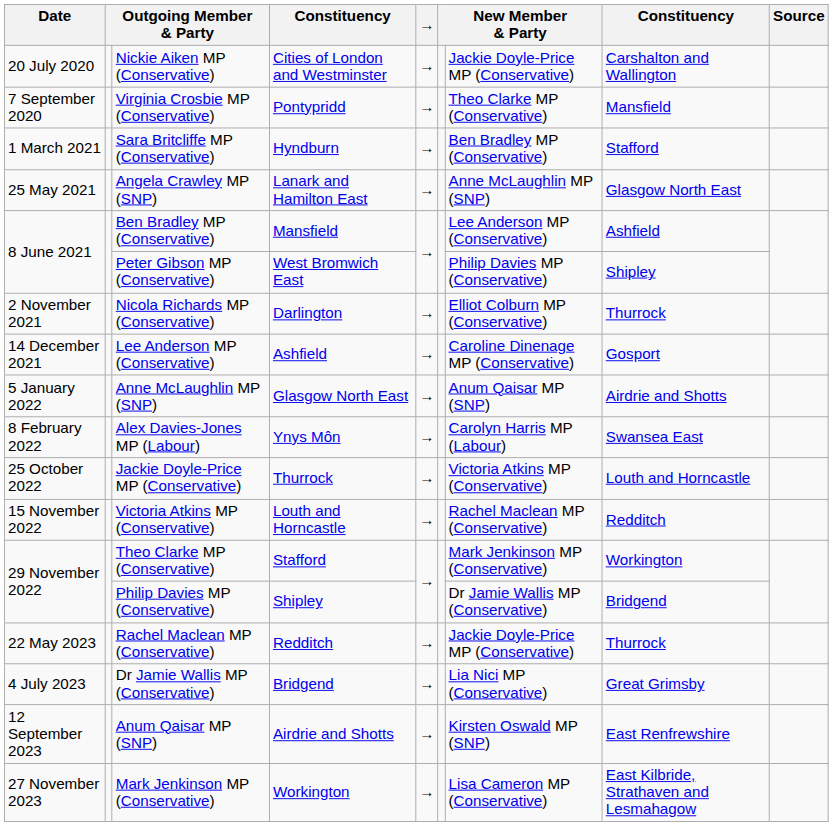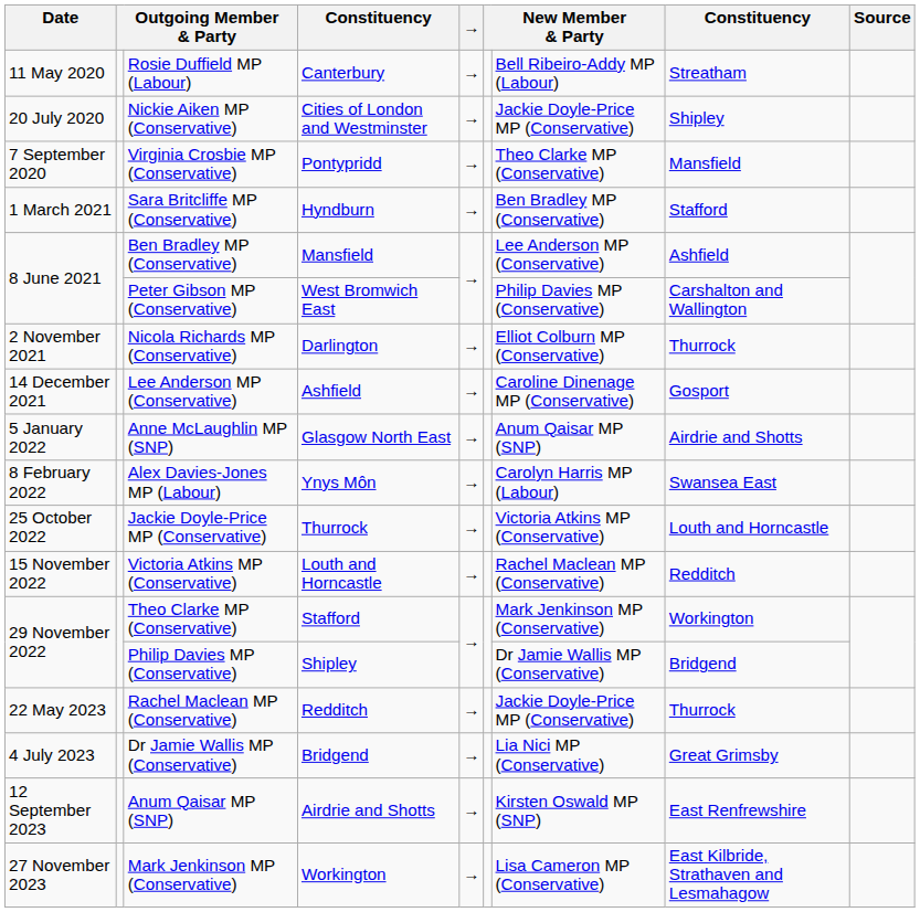 <table class="wikitable">
 <tr>
 <th valign="top">Date</th>
 <th colspan="2" valign="top">Outgoing Member<br>& Party</th>
 <th valign="top">Constituency</th>
 <th>→</th>
 <th colspan="2" valign="top">New Member<br>& Party</th>
 <th valign="top">Constituency</th>
 <th valign="top">Source</th>
 </tr>
 <tr>
+<td>11 May 2020</td>
+<td style="color:inherit;background:"></td>
+<td><a href='#'>Rosie Duffield</a> MP (<a href='#'>Labour</a>)</td>
+<td><a href='#'>Canterbury</a></td>
+<td>→</td>
+<td style="color:inherit;background:"></td>
+<td><a href='#'>Bell Ribeiro-Addy</a> MP (<a href='#'>Labour</a>)</td>
+<td><a href='#'>Streatham</a></td>
+<td></td>
+</tr>
+<tr>
 <td>20 July 2020</td>
 <td style="color:inherit;background:"></td>
 <td><a href='#'>Nickie Aiken</a> MP (<a href='#'>Conservative</a>)</td>
 <td><a href='#'>Cities of London and Westminster</a></td>
 <td>→</td>
 <td style="color:inherit;background:"></td>
 <td><a href='#'>Jackie Doyle-Price</a> MP (<a href='#'>Conservative</a>)</td>
-<td><a href='#'>Carshalton and Wallington</a></td>
+<td><a href='#'>Shipley</a></td>
 <td></td>
 </tr>
 <tr>
 <td>7 September 2020</td>
 <td style="color:inherit;background:"></td>
 <td><a href='#'>Virginia Crosbie</a> MP (<a href='#'>Conservative</a>)</td>
 <td><a href='#'>Pontypridd</a></td>
 <td>→</td>
 <td style="color:inherit;background:"></td>
 <td><a href='#'>Theo Clarke</a> MP (<a href='#'>Conservative</a>)</td>
 <td><a href='#'>Mansfield</a></td>
 <td></td>
 </tr>
 <tr>
 <td>1 March 2021</td>
 <td style="color:inherit;background:"></td>
 <td><a href='#'>Sara Britcliffe</a> MP (<a href='#'>Conservative</a>)</td>
 <td><a href='#'>Hyndburn</a></td>
 <td>→</td>
 <td style="color:inherit;background:"></td>
 <td><a href='#'>Ben Bradley</a> MP (<a href='#'>Conservative</a>)</td>
 <td><a href='#'>Stafford</a></td>
 <td></td>
 </tr>
 <tr>
-<td>25 May 2021</td>
-<td style="color:inherit;background:"></td>
-<td><a href='#'>Angela Crawley</a> MP (<a href='#'>SNP</a>)</td>
-<td><a href='#'>Lanark and Hamilton East</a></td>
-<td>→</td>
-<td style="color:inherit;background:"></td>
-<td><a href='#'>Anne McLaughlin</a> MP (<a href='#'>SNP</a>)</td>
-<td><a href='#'>Glasgow North East</a></td>
-<td></td>
-</tr>
-<tr>
 <td rowspan=2>8 June 2021</td>
 <td rowspan=2 style="color:inherit;background:"></td>
 <td><a href='#'>Ben Bradley</a> MP (<a href='#'>Conservative</a>)</td>
 <td><a href='#'>Mansfield</a></td>
 <td rowspan=2>→</td>
 <td rowspan=2 style="color:inherit;background:"></td>
 <td><a href='#'>Lee Anderson</a> MP (<a href='#'>Conservative</a>)</td>
 <td><a href='#'>Ashfield</a></td>
 <td rowspan=2></td>
 </tr>
 <tr>
 <td><a href='#'>Peter Gibson</a> MP (<a href='#'>Conservative</a>)</td>
 <td><a href='#'>West Bromwich East</a></td>
 <td><a href='#'>Philip Davies</a> MP (<a href='#'>Conservative</a>)</td>
-<td><a href='#'>Shipley</a></td>
+<td><a href='#'>Carshalton and Wallington</a></td>
 </tr>
 <tr>
 <td>2 November 2021</td>
 <td style="color:inherit;background:"></td>
 <td><a href='#'>Nicola Richards</a> MP (<a href='#'>Conservative</a>)</td>
 <td><a href='#'>Darlington</a></td>
 <td>→</td>
 <td style="color:inherit;background:"></td>
 <td><a href='#'>Elliot Colburn</a> MP (<a href='#'>Conservative</a>)</td>
 <td><a href='#'>Thurrock</a></td>
 <td></td>
 </tr>
 <tr>
 <td>14 December 2021</td>
 <td style="color:inherit;background:"></td>
 <td><a href='#'>Lee Anderson</a> MP (<a href='#'>Conservative</a>)</td>
 <td><a href='#'>Ashfield</a></td>
 <td>→</td>
 <td style="color:inherit;background:"></td>
 <td><a href='#'>Caroline Dinenage</a> MP (<a href='#'>Conservative</a>)</td>
 <td><a href='#'>Gosport</a></td>
 <td></td>
 </tr>
 <tr>
 <td>5 January 2022</td>
 <td style="color:inherit;background:"></td>
 <td><a href='#'>Anne McLaughlin</a> MP (<a href='#'>SNP</a>)</td>
 <td><a href='#'>Glasgow North East</a></td>
 <td>→</td>
 <td style="color:inherit;background:"></td>
 <td><a href='#'>Anum Qaisar</a> MP (<a href='#'>SNP</a>)</td>
 <td><a href='#'>Airdrie and Shotts</a></td>
 <td></td>
 </tr>
 <tr>
 <td>8 February 2022</td>
 <td style="color:inherit;background:"></td>
 <td><a href='#'>Alex Davies-Jones</a> MP (<a href='#'>Labour</a>)</td>
 <td><a href='#'>Ynys Môn</a></td>
 <td>→</td>
 <td style="color:inherit;background:"></td>
 <td><a href='#'>Carolyn Harris</a> MP (<a href='#'>Labour</a>)</td>
 <td><a href='#'>Swansea East</a></td>
 <td></td>
 </tr>
 <tr>
 <td>25 October 2022</td>
 <td style="color:inherit;background:"></td>
 <td><a href='#'>Jackie Doyle-Price</a> MP (<a href='#'>Conservative</a>)</td>
 <td><a href='#'>Thurrock</a></td>
 <td>→</td>
 <td style="color:inherit;background:"></td>
 <td><a href='#'>Victoria Atkins</a> MP (<a href='#'>Conservative</a>)</td>
 <td><a href='#'>Louth and Horncastle</a></td>
 <td></td>
 </tr>
 <tr>
 <td>15 November 2022</td>
 <td style="color:inherit;background:"></td>
 <td><a href='#'>Victoria Atkins</a> MP (<a href='#'>Conservative</a>)</td>
 <td><a href='#'>Louth and Horncastle</a></td>
 <td>→</td>
 <td style="color:inherit;background:"></td>
 <td><a href='#'>Rachel Maclean</a> MP (<a href='#'>Conservative</a>)</td>
 <td><a href='#'>Redditch</a></td>
 <td></td>
 </tr>
 <tr>
 <td rowspan=2>29 November 2022</td>
 <td rowspan=2 style="color:inherit;background:"></td>
 <td><a href='#'>Theo Clarke</a> MP (<a href='#'>Conservative</a>)</td>
 <td><a href='#'>Stafford</a></td>
 <td rowspan=2>→</td>
 <td rowspan=2 style="color:inherit;background:"></td>
 <td><a href='#'>Mark Jenkinson</a> MP (<a href='#'>Conservative</a>)</td>
 <td><a href='#'>Workington</a></td>
 <td rowspan=2></td>
 </tr>
 <tr>
 <td><a href='#'>Philip Davies</a> MP (<a href='#'>Conservative</a>)</td>
 <td><a href='#'>Shipley</a></td>
 <td>Dr <a href='#'>Jamie Wallis</a> MP (<a href='#'>Conservative</a>)</td>
 <td><a href='#'>Bridgend</a></td>
 </tr>
 <tr>
 <td>22 May 2023</td>
 <td style="color:inherit;background:"></td>
 <td><a href='#'>Rachel Maclean</a> MP (<a href='#'>Conservative</a>)</td>
 <td><a href='#'>Redditch</a></td>
 <td>→</td>
 <td style="color:inherit;background:"></td>
 <td><a href='#'>Jackie Doyle-Price</a> MP (<a href='#'>Conservative</a>)</td>
 <td><a href='#'>Thurrock</a></td>
 <td></td>
 </tr>
 <tr>
 <td>4 July 2023</td>
 <td style="color:inherit;background:"></td>
 <td>Dr <a href='#'>Jamie Wallis</a> MP (<a href='#'>Conservative</a>)</td>
 <td><a href='#'>Bridgend</a></td>
 <td>→</td>
 <td style="color:inherit;background:"></td>
 <td><a href='#'>Lia Nici</a> MP (<a href='#'>Conservative</a>)</td>
 <td><a href='#'>Great Grimsby</a></td>
 <td></td>
 </tr>
 <tr>
 <td>12 September 2023</td>
 <td style="color:inherit;background:"></td>
 <td><a href='#'>Anum Qaisar</a> MP (<a href='#'>SNP</a>)</td>
 <td><a href='#'>Airdrie and Shotts</a></td>
 <td>→</td>
 <td style="color:inherit;background:"></td>
 <td><a href='#'>Kirsten Oswald</a> MP (<a href='#'>SNP</a>)</td>
 <td><a href='#'>East Renfrewshire</a></td>
 <td></td>
 </tr>
 <tr>
 <td>27 November 2023</td>
 <td style="color:inherit;background:"></td>
 <td><a href='#'>Mark Jenkinson</a> MP (<a href='#'>Conservative</a>)</td>
 <td><a href='#'>Workington</a></td>
 <td>→</td>
 <td style="color:inherit;background:"></td>
 <td><a href='#'>Lisa Cameron</a> MP (<a href='#'>Conservative</a>)</td>
 <td><a href='#'>East Kilbride, Strathaven and Lesmahagow</a></td>
 <td></td>
 </tr>
 </table>
